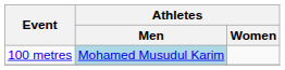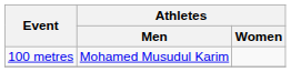 <table class=wikitable style="font-size:90%">
 <tr>
 <th rowspan=2>Event</th>
 <th colspan=2>Athletes</th>
 </tr>
 <tr>
 <th>Men</th>
 <th>Women</th>
 </tr>
 <tr>
 <td><a href='#'>100 metres</a></td>
-<td style="background: lightblue;"><a href='#'>Mohamed Musudul Karim</a></td>
+<td><a href='#'>Mohamed Musudul Karim</a></td>
 <td></td>
 </tr>
 <tr>
 </tr>
 </table>
